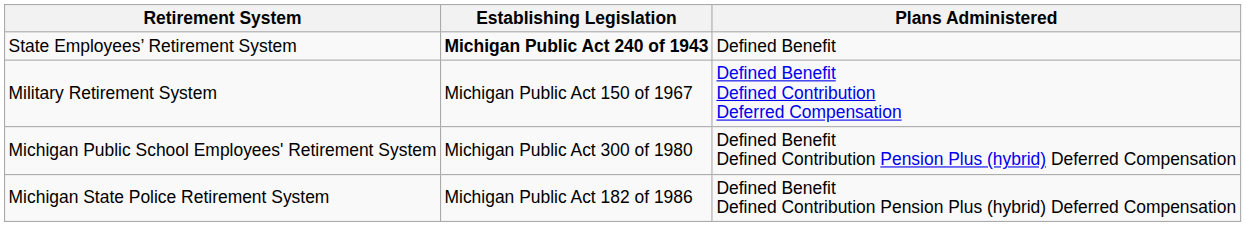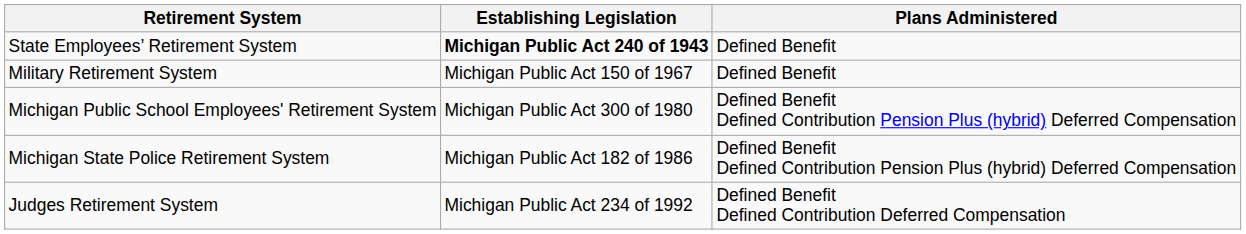 <table class="wikitable">
 <tr>
 <th>Retirement System</th>
 <th>Establishing Legislation</th>
 <th>Plans Administered</th>
 </tr>
 <tr>
 <td>State Employees’ Retirement System</td>
 <td><strong>Michigan Public Act 240 of 1943</strong></td>
 <td>Defined Benefit</td>
 </tr>
 <tr>
 <td>Military Retirement System</td>
 <td>Michigan Public Act 150 of 1967</td>
-<td><a href='#'>Defined Benefit</a><br><a href='#'>Defined Contribution</a><br><a href='#'>Deferred Compensation</a></td>
+<td>Defined Benefit</td>
 </tr>
 <tr>
 <td>Michigan Public School Employees' Retirement System</td>
 <td>Michigan Public Act 300 of 1980</td>
 <td>Defined Benefit<br>Defined Contribution <a href='#'>Pension Plus (hybrid)</a>  Deferred Compensation</td>
 </tr>
 <tr>
 <td>Michigan State Police Retirement System</td>
 <td>Michigan Public Act 182 of 1986</td>
 <td>Defined Benefit<br>Defined Contribution Pension Plus (hybrid) Deferred Compensation</td>
 </tr>
+<tr>
+<td>Judges Retirement System</td>
+<td>Michigan Public Act 234 of 1992</td>
+<td>Defined Benefit<br>Defined Contribution Deferred Compensation</td>
+</tr>
 </table>
